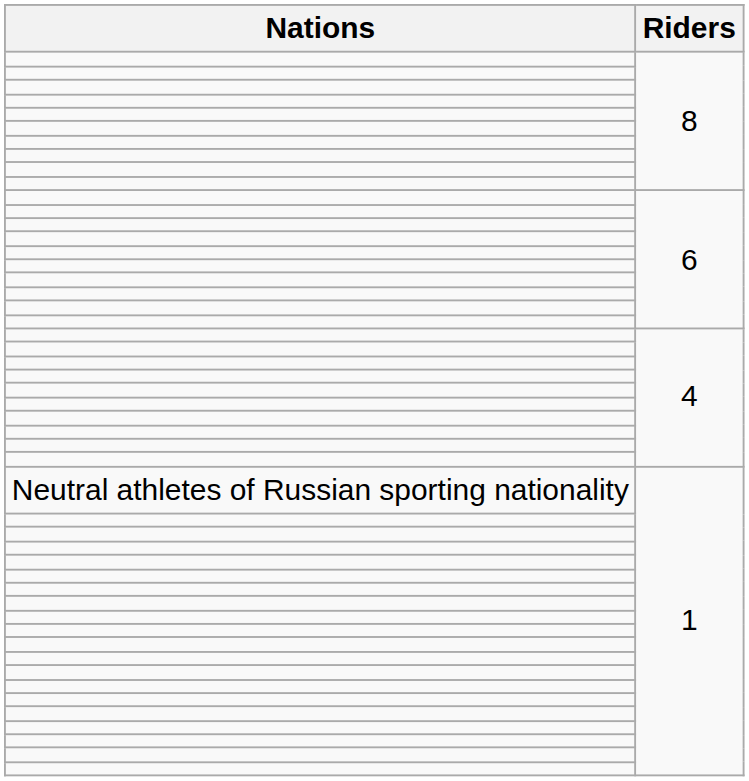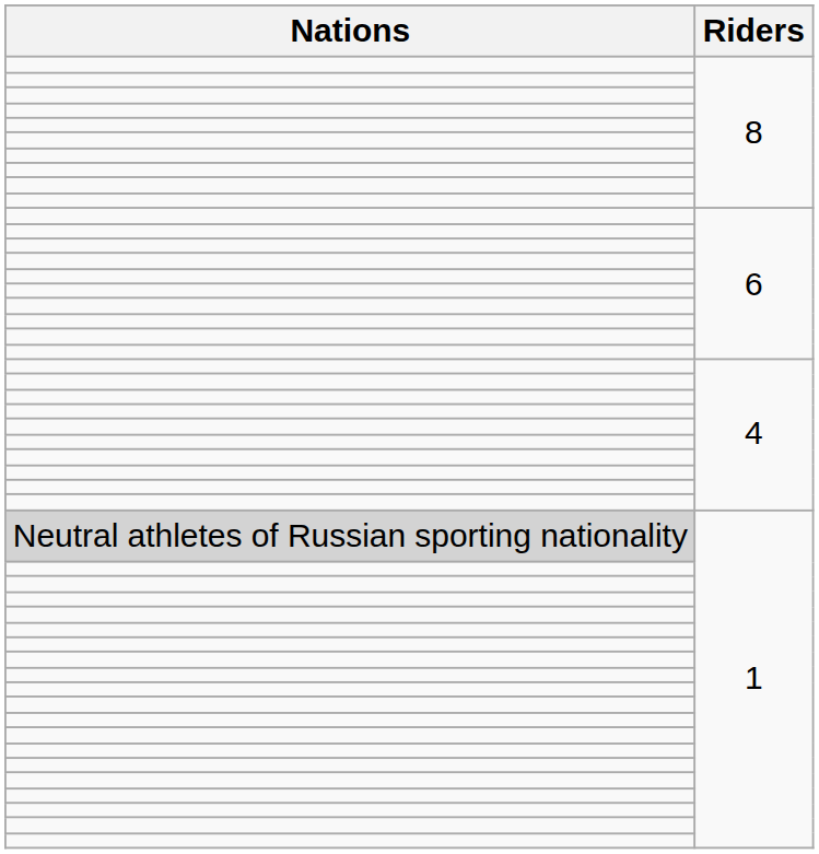 <table class="wikitable">
 <tr>
 <th>Nations</th>
 <th>Riders</th>
 </tr>
 <tr>
 <td></td>
 <td rowspan=10 align=center>8</td>
 </tr>
 <tr>
 <td></td>
 </tr>
 <tr>
 <td></td>
 </tr>
 <tr>
 <td></td>
 </tr>
 <tr>
 <td></td>
 </tr>
 <tr>
 <td></td>
 </tr>
 <tr>
 <td></td>
 </tr>
 <tr>
 <td></td>
 </tr>
 <tr>
 <td></td>
 </tr>
 <tr>
 <td></td>
 </tr>
 <tr>
 <td></td>
 <td rowspan=10 align=center>6</td>
 </tr>
 <tr>
 <td></td>
 </tr>
 <tr>
 <td></td>
 </tr>
 <tr>
 <td></td>
 </tr>
 <tr>
 <td></td>
 </tr>
 <tr>
 <td></td>
 </tr>
 <tr>
 <td></td>
 </tr>
 <tr>
 <td></td>
 </tr>
 <tr>
 <td></td>
 </tr>
 <tr>
 <td></td>
 </tr>
 <tr>
 <td></td>
 <td rowspan=10 align=center>4</td>
 </tr>
 <tr>
 <td></td>
 </tr>
 <tr>
 <td></td>
 </tr>
 <tr>
 <td></td>
 </tr>
 <tr>
 <td></td>
 </tr>
 <tr>
 <td></td>
 </tr>
 <tr>
 <td></td>
 </tr>
 <tr>
 <td></td>
 </tr>
 <tr>
 <td></td>
 </tr>
 <tr>
 <td></td>
 </tr>
 <tr>
-<td> Neutral athletes of Russian sporting nationality</td>
+<td style="background: lightgrey;"> Neutral athletes of Russian sporting nationality</td>
 <td rowspan=20 align=center>1</td>
 </tr>
 <tr>
 <td></td>
 </tr>
 <tr>
 <td></td>
 </tr>
 <tr>
 <td></td>
 </tr>
 <tr>
 <td></td>
 </tr>
 <tr>
 <td></td>
 </tr>
 <tr>
 <td></td>
 </tr>
 <tr>
 <td></td>
 </tr>
 <tr>
 <td></td>
 </tr>
 <tr>
 <td></td>
 </tr>
 <tr>
 <td></td>
 </tr>
 <tr>
 <td></td>
 </tr>
 <tr>
 <td></td>
 </tr>
 <tr>
 <td></td>
 </tr>
 <tr>
 <td></td>
 </tr>
 <tr>
 <td></td>
 </tr>
 <tr>
 <td></td>
 </tr>
 <tr>
 <td></td>
 </tr>
 <tr>
 <td></td>
 </tr>
 <tr>
 <td></td>
 </tr>
 </table>
